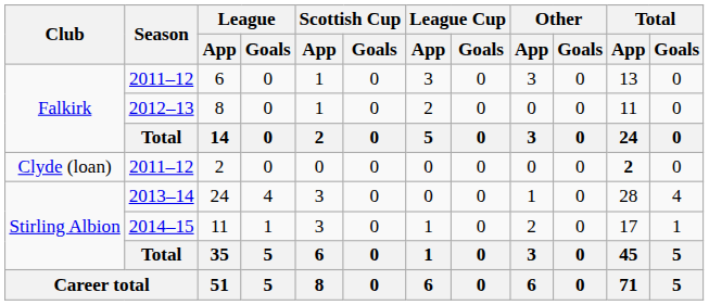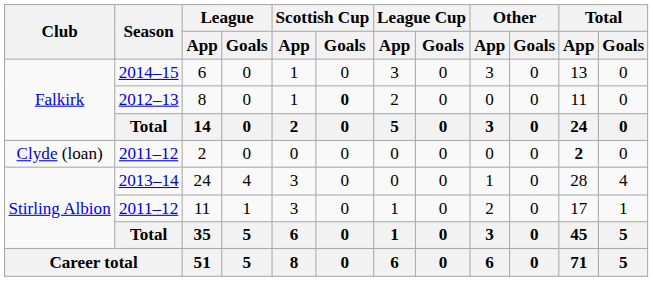 <table class="wikitable">
 <tr>
 <th rowspan=2>Club</th>
 <th rowspan=2>Season</th>
 <th colspan=2>League</th>
 <th colspan=2>Scottish Cup</th>
 <th colspan=2>League Cup</th>
 <th colspan=2>Other</th>
 <th colspan=2>Total</th>
 </tr>
 <tr>
 <th>App</th>
 <th>Goals</th>
 <th>App</th>
 <th>Goals</th>
 <th>App</th>
 <th>Goals</th>
 <th>App</th>
 <th>Goals</th>
 <th>App</th>
 <th>Goals</th>
 </tr>
 <tr align=center>
 <td rowspan=3><a href='#'>Falkirk</a></td>
-<td><a href='#'>2011–12</a></td>
+<td><a href='#'>2014–15</a></td>
 <td>6</td>
 <td>0</td>
 <td>1</td>
 <td>0</td>
 <td>3</td>
 <td>0</td>
 <td>3</td>
 <td>0</td>
 <td>13</td>
 <td>0</td>
 </tr>
 <tr align=center>
 <td><a href='#'>2012–13</a></td>
 <td>8</td>
 <td>0</td>
 <td>1</td>
-<td>0</td>
+<td><strong>0</strong></td>
 <td>2</td>
 <td>0</td>
 <td>0</td>
 <td>0</td>
 <td>11</td>
 <td>0</td>
 </tr>
 <tr align=center>
 <th>Total</th>
 <th>14</th>
 <th>0</th>
 <th>2</th>
 <th>0</th>
 <th>5</th>
 <th>0</th>
 <th>3</th>
 <th>0</th>
 <th>24</th>
 <th>0</th>
 </tr>
 <tr align=center>
 <td rowspan=1><a href='#'>Clyde</a> (loan)</td>
 <td><a href='#'>2011–12</a></td>
 <td>2</td>
 <td>0</td>
 <td>0</td>
 <td>0</td>
 <td>0</td>
 <td>0</td>
 <td>0</td>
 <td>0</td>
 <td><strong>2</strong></td>
 <td>0</td>
 </tr>
 <tr align=center>
 <td rowspan=3><a href='#'>Stirling Albion</a></td>
 <td><a href='#'>2013–14</a></td>
 <td>24</td>
 <td>4</td>
 <td>3</td>
 <td>0</td>
 <td>0</td>
 <td>0</td>
 <td>1</td>
 <td>0</td>
 <td>28</td>
 <td>4</td>
 </tr>
 <tr align=center>
-<td><a href='#'>2014–15</a></td>
+<td><a href='#'>2011–12</a></td>
 <td>11</td>
 <td>1</td>
 <td>3</td>
 <td>0</td>
 <td>1</td>
 <td>0</td>
 <td>2</td>
 <td>0</td>
 <td>17</td>
 <td>1</td>
 </tr>
 <tr align=center>
 <th>Total</th>
 <th>35</th>
 <th>5</th>
 <th>6</th>
 <th>0</th>
 <th>1</th>
 <th>0</th>
 <th>3</th>
 <th>0</th>
 <th>45</th>
 <th>5</th>
 </tr>
 <tr align=center>
 <th colspan=2>Career total</th>
 <th>51</th>
 <th>5</th>
 <th>8</th>
 <th>0</th>
 <th>6</th>
 <th>0</th>
 <th>6</th>
 <th>0</th>
 <th>71</th>
 <th>5</th>
 </tr>
 </table>
